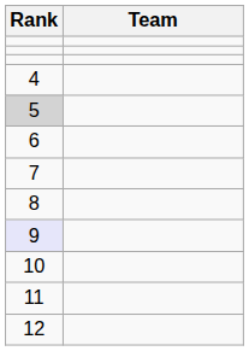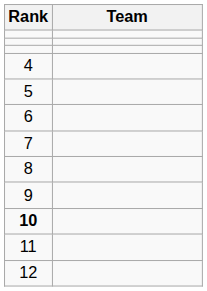 <table class="wikitable">
 <tr>
 <th>Rank</th>
 <th width=140>Team</th>
 </tr>
 <tr>
 <td style="text-align: center;"></td>
 <td></td>
 </tr>
 <tr>
 <td style="text-align: center;"></td>
 <td></td>
 </tr>
 <tr>
 <td style="text-align: center;"></td>
 <td></td>
 </tr>
 <tr>
 <td style="text-align: center;">4</td>
 <td></td>
 </tr>
 <tr>
-<td style="background: lightgrey; text-align: center;">5</td>
+<td style="text-align: center;">5</td>
 <td></td>
 </tr>
 <tr>
 <td style="text-align: center;">6</td>
 <td></td>
 </tr>
 <tr>
 <td style="text-align: center;">7</td>
 <td></td>
 </tr>
 <tr>
 <td style="text-align: center;">8</td>
 <td></td>
 </tr>
 <tr>
-<td style="background: lavender; text-align: center;">9</td>
+<td style="text-align: center;">9</td>
 <td></td>
 </tr>
 <tr>
-<td style="text-align: center;">10</td>
+<td style="text-align: center;"><strong>10</strong></td>
 <td></td>
 </tr>
 <tr>
 <td style="text-align: center;">11</td>
 <td></td>
 </tr>
 <tr>
 <td style="text-align: center;">12</td>
 <td></td>
 </tr>
 </table>
